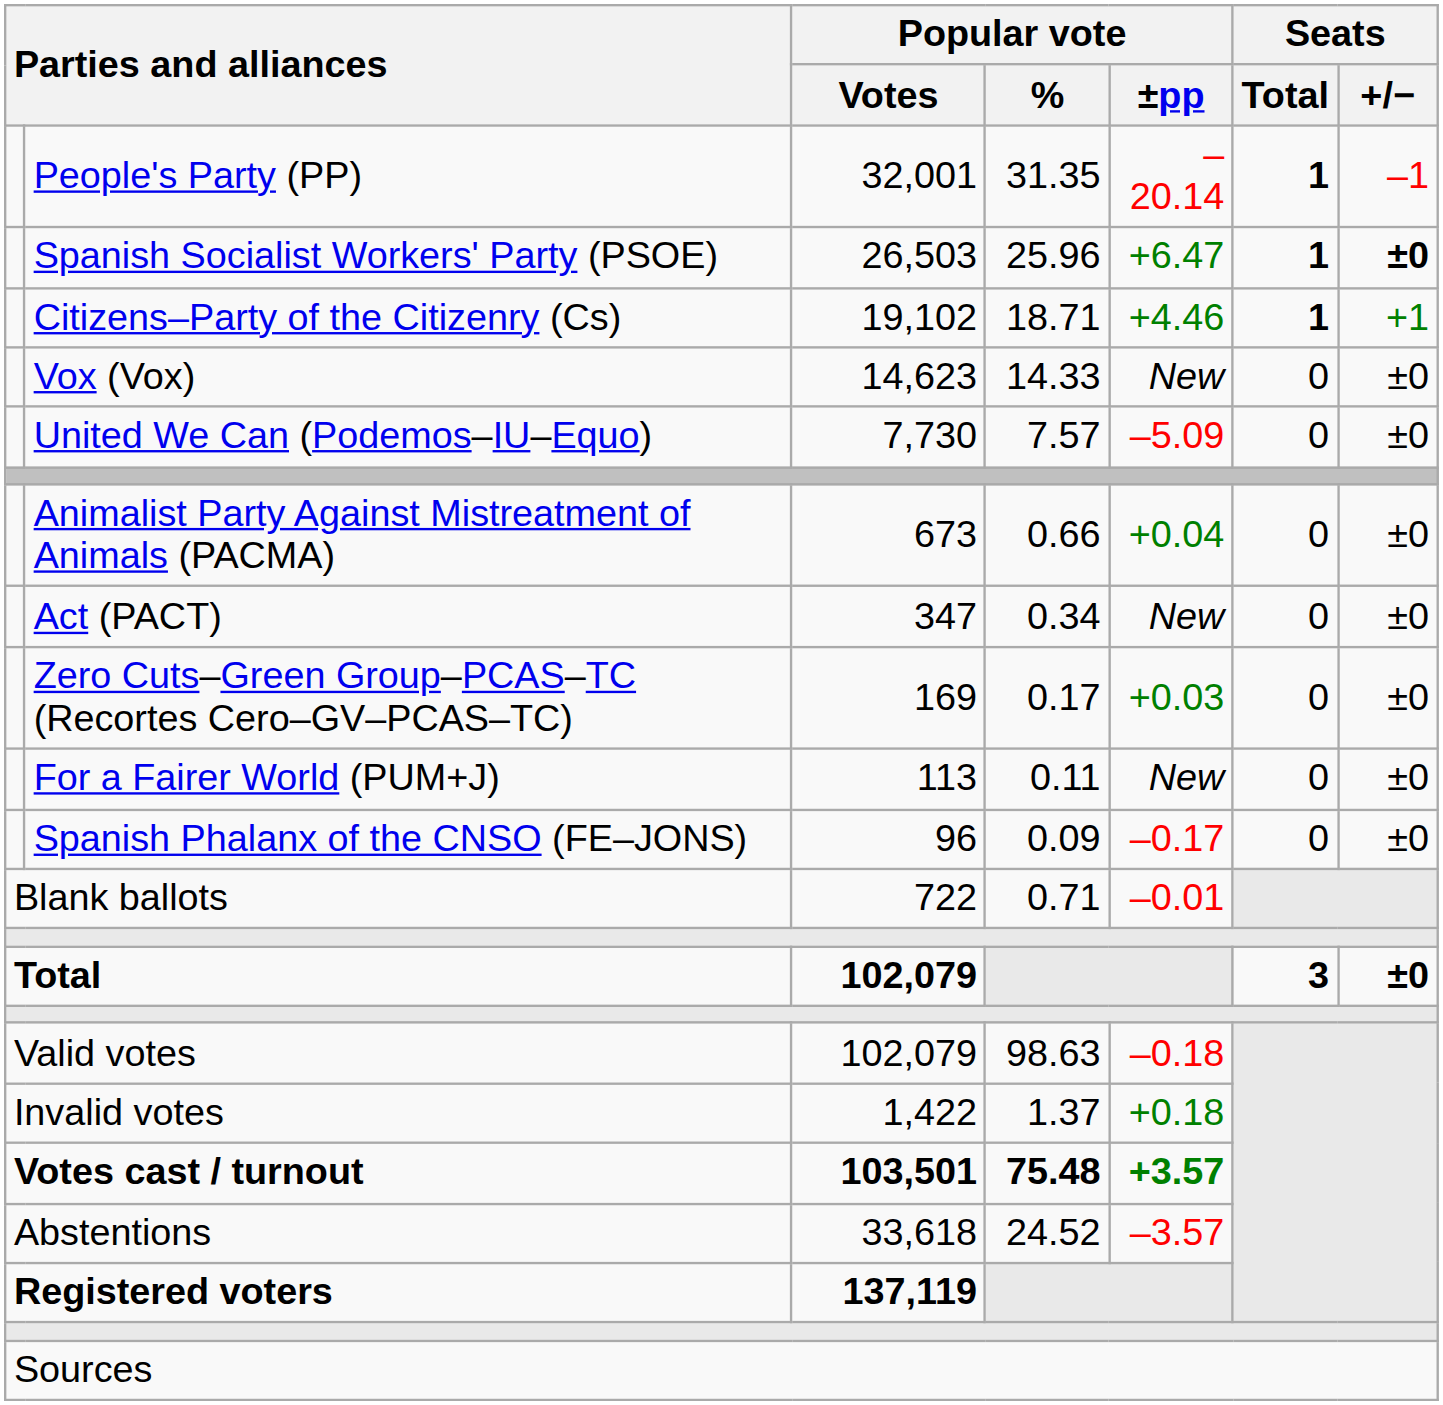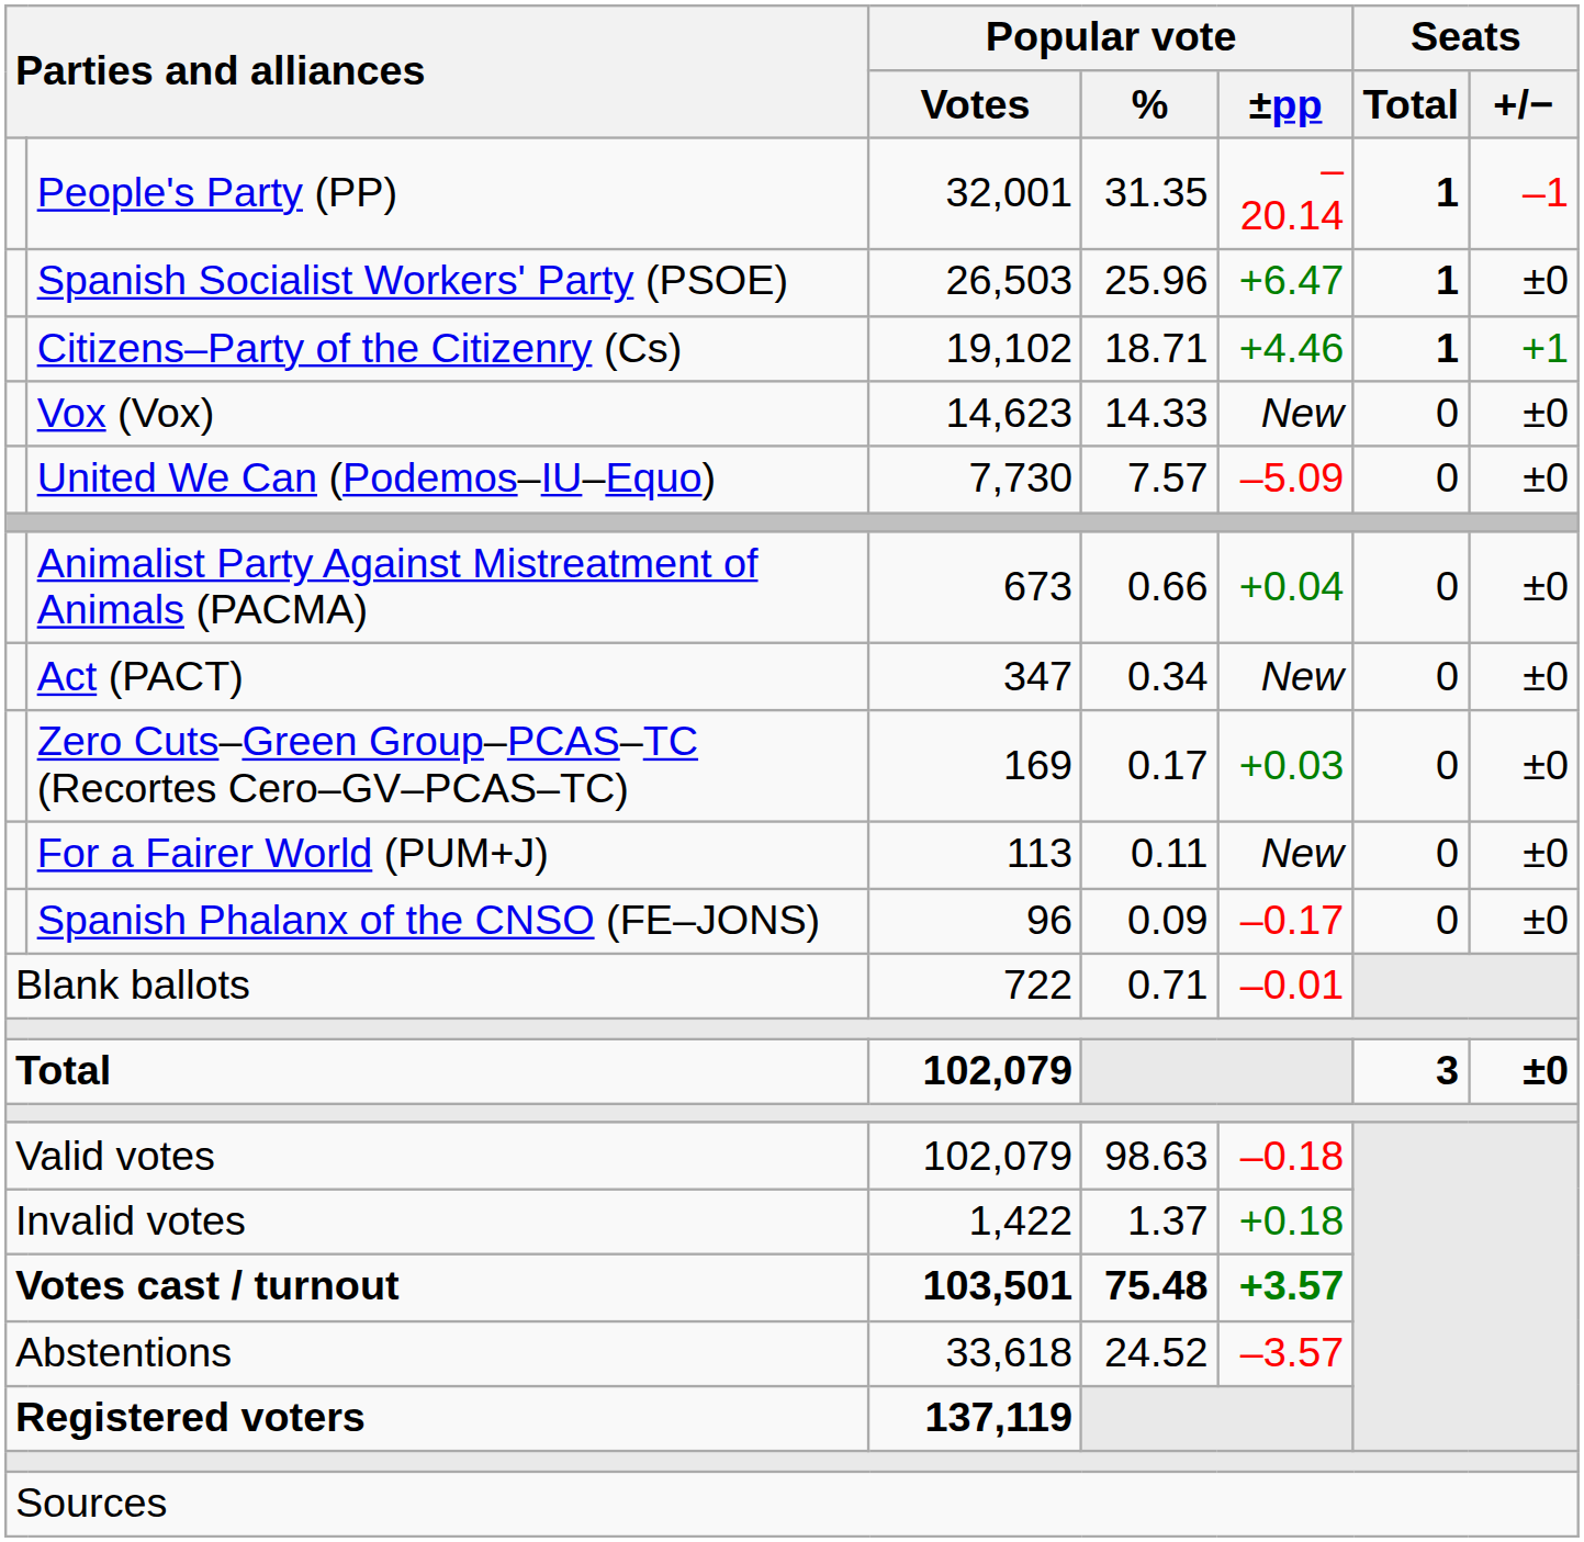 <table class="wikitable" style="text-align:right;">
 <tr>
 <th style="text-align:left;" rowspan="2" colspan="2" width="525">Parties and alliances</th>
 <th colspan="3">Popular vote</th>
 <th colspan="2">Seats</th>
 </tr>
 <tr>
 <th width="75">Votes</th>
 <th width="45">%</th>
 <th width="45">±<a href='#'>pp</a></th>
 <th width="35">Total</th>
 <th width="35">+/−</th>
 </tr>
 <tr>
 <td width="1" style="color:inherit;background:"></td>
 <td align="left"><a href='#'>People's Party</a> (PP)</td>
 <td>32,001</td>
 <td>31.35</td>
 <td style="color:red;">–20.14</td>
 <td><strong>1</strong></td>
 <td style="color:red;">–1</td>
 </tr>
 <tr>
 <td style="color:inherit;background:"></td>
 <td align="left"><a href='#'>Spanish Socialist Workers' Party</a> (PSOE)</td>
 <td>26,503</td>
 <td>25.96</td>
 <td style="color:green;">+6.47</td>
 <td><strong>1</strong></td>
-<td><strong>±0</strong></td>
+<td>±0</td>
 </tr>
 <tr>
 <td style="color:inherit;background:"></td>
 <td align="left"><a href='#'>Citizens–Party of the Citizenry</a> (Cs)</td>
 <td>19,102</td>
 <td>18.71</td>
 <td style="color:green;">+4.46</td>
 <td><strong>1</strong></td>
 <td style="color:green;">+1</td>
 </tr>
 <tr>
 <td style="color:inherit;background:"></td>
 <td align="left"><a href='#'>Vox</a> (Vox)</td>
 <td>14,623</td>
 <td>14.33</td>
 <td><em>New</em></td>
 <td>0</td>
 <td>±0</td>
 </tr>
 <tr>
 <td style="color:inherit;background:"></td>
 <td align="left"><a href='#'>United We Can</a> (<a href='#'>Podemos</a>–<a href='#'>IU</a>–<a href='#'>Equo</a>)</td>
 <td>7,730</td>
 <td>7.57</td>
 <td style="color:red;">–5.09</td>
 <td>0</td>
 <td>±0</td>
 </tr>
 <tr>
 <td colspan="7" bgcolor="#C0C0C0"></td>
 </tr>
 <tr>
 <td style="color:inherit;background:"></td>
 <td align="left"><a href='#'>Animalist Party Against Mistreatment of Animals</a> (PACMA)</td>
 <td>673</td>
 <td>0.66</td>
 <td style="color:green;">+0.04</td>
 <td>0</td>
 <td>±0</td>
 </tr>
 <tr>
 <td style="color:inherit;background:"></td>
 <td align="left"><a href='#'>Act</a> (PACT)</td>
 <td>347</td>
 <td>0.34</td>
 <td><em>New</em></td>
 <td>0</td>
 <td>±0</td>
 </tr>
 <tr>
 <td style="color:inherit;background:"></td>
 <td align="left"><a href='#'>Zero Cuts</a>–<a href='#'>Green Group</a>–<a href='#'>PCAS</a>–<a href='#'>TC</a> (Recortes Cero–GV–PCAS–TC)</td>
 <td>169</td>
 <td>0.17</td>
 <td style="color:green;">+0.03</td>
 <td>0</td>
 <td>±0</td>
 </tr>
 <tr>
 <td style="color:inherit;background:"></td>
 <td align="left"><a href='#'>For a Fairer World</a> (PUM+J)</td>
 <td>113</td>
 <td>0.11</td>
 <td><em>New</em></td>
 <td>0</td>
 <td>±0</td>
 </tr>
 <tr>
 <td style="color:inherit;background:"></td>
 <td align="left"><a href='#'>Spanish Phalanx of the CNSO</a> (FE–JONS)</td>
 <td>96</td>
 <td>0.09</td>
 <td style="color:red;">–0.17</td>
 <td>0</td>
 <td>±0</td>
 </tr>
 <tr>
 <td align="left" colspan="2">Blank ballots</td>
 <td>722</td>
 <td>0.71</td>
 <td style="color:red;">–0.01</td>
 <td bgcolor="#E9E9E9" colspan="2"></td>
 </tr>
 <tr>
 <td colspan="7" bgcolor="#E9E9E9"></td>
 </tr>
 <tr style="font-weight:bold;">
 <td align="left" colspan="2">Total</td>
 <td>102,079</td>
 <td bgcolor="#E9E9E9" colspan="2"></td>
 <td>3</td>
 <td>±0</td>
 </tr>
 <tr>
 <td colspan="7" bgcolor="#E9E9E9"></td>
 </tr>
 <tr>
 <td align="left" colspan="2">Valid votes</td>
 <td>102,079</td>
 <td>98.63</td>
 <td style="color:red;">–0.18</td>
 <td bgcolor="#E9E9E9" colspan="2" rowspan="5"></td>
 </tr>
 <tr>
 <td align="left" colspan="2">Invalid votes</td>
 <td>1,422</td>
 <td>1.37</td>
 <td style="color:green;">+0.18</td>
 </tr>
 <tr style="font-weight:bold;">
 <td align="left" colspan="2">Votes cast / turnout</td>
 <td>103,501</td>
 <td>75.48</td>
 <td style="color:green;">+3.57</td>
 </tr>
 <tr>
 <td align="left" colspan="2">Abstentions</td>
 <td>33,618</td>
 <td>24.52</td>
 <td style="color:red;">–3.57</td>
 </tr>
 <tr style="font-weight:bold;">
 <td align="left" colspan="2">Registered voters</td>
 <td>137,119</td>
 <td bgcolor="#E9E9E9" colspan="2"></td>
 </tr>
 <tr>
 <td colspan="7" bgcolor="#E9E9E9"></td>
 </tr>
 <tr>
 <td align="left" colspan="7">Sources</td>
 </tr>
 </table>
